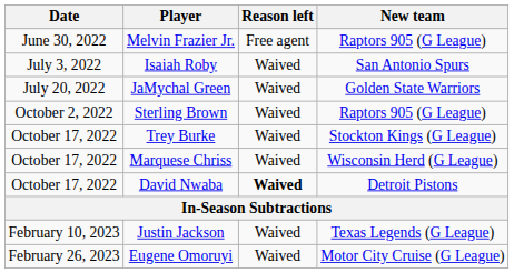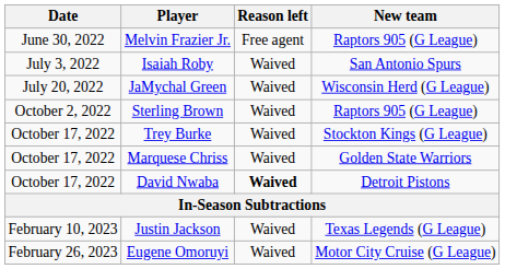 <table class="wikitable" style="text-align: center">
 <tr>
 <th>Date</th>
 <th>Player</th>
 <th>Reason left</th>
 <th>New team</th>
 </tr>
 <tr style="text-align: center">
 <td>June 30, 2022</td>
 <td><a href='#'>Melvin Frazier Jr.</a></td>
 <td>Free agent</td>
 <td><a href='#'>Raptors 905</a> (<a href='#'>G League</a>)</td>
 </tr>
 <tr style="text-align: center">
 <td>July 3, 2022</td>
 <td><a href='#'>Isaiah Roby</a></td>
 <td>Waived</td>
 <td><a href='#'>San Antonio Spurs</a></td>
 </tr>
 <tr style="text-align: center">
 <td>July 20, 2022</td>
 <td><a href='#'>JaMychal Green</a></td>
 <td>Waived</td>
-<td><a href='#'>Golden State Warriors</a></td>
+<td><a href='#'>Wisconsin Herd</a> (<a href='#'>G League</a>)</td>
 </tr>
 <tr style="text-align: center">
 <td>October 2, 2022</td>
 <td><a href='#'>Sterling Brown</a></td>
 <td>Waived</td>
 <td><a href='#'>Raptors 905</a> (<a href='#'>G League</a>)</td>
 </tr>
 <tr style="text-align: center">
 <td>October 17, 2022</td>
 <td><a href='#'>Trey Burke</a></td>
 <td>Waived</td>
 <td><a href='#'>Stockton Kings</a> (<a href='#'>G League</a>)</td>
 </tr>
 <tr style="text-align: center">
 <td>October 17, 2022</td>
 <td><a href='#'>Marquese Chriss</a></td>
 <td>Waived</td>
-<td><a href='#'>Wisconsin Herd</a> (<a href='#'>G League</a>)</td>
+<td><a href='#'>Golden State Warriors</a></td>
 </tr>
 <tr style="text-align: center">
 <td>October 17, 2022</td>
 <td><a href='#'>David Nwaba</a></td>
 <td><strong>Waived</strong></td>
 <td><a href='#'>Detroit Pistons</a></td>
 </tr>
 <tr>
 <th scope="row" colspan="6" style="text-align:center;”">In-Season Subtractions</th>
 </tr>
 <tr style="text-align: center">
 <td>February 10, 2023</td>
 <td><a href='#'>Justin Jackson</a></td>
 <td>Waived</td>
 <td><a href='#'>Texas Legends</a> (<a href='#'>G League</a>)</td>
 </tr>
 <tr style="text-align: center">
 <td>February 26, 2023</td>
 <td><a href='#'>Eugene Omoruyi</a></td>
 <td>Waived</td>
 <td><a href='#'>Motor City Cruise</a> (<a href='#'>G League</a>)</td>
 </tr>
 </table>
